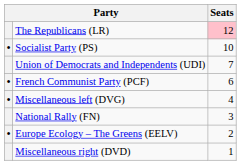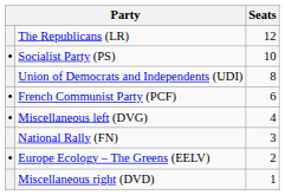 <table class="wikitable" style="font-size: 95%;">
 <tr>
 <th colspan=2>Party</th>
 <th>Seats</th>
 </tr>
 <tr>
 <th style="background-color: "></th>
 <td><a href='#'>The Republicans</a> (LR)</td>
-<td align="right" style="background: pink;">12</td>
+<td align="right">12</td>
 </tr>
 <tr>
 <th style="background-color: "><span>•</span></th>
 <td><a href='#'>Socialist Party</a> (PS)</td>
 <td align="right">10</td>
 </tr>
 <tr>
 <th style="background-color: "></th>
 <td><a href='#'>Union of Democrats and Independents</a> (UDI)</td>
-<td align="right">7</td>
+<td align="right">8</td>
 </tr>
 <tr>
 <th style="background-color: "><span>•</span></th>
 <td><a href='#'>French Communist Party</a> (PCF)</td>
 <td align="right">6</td>
 </tr>
 <tr>
 <th style="background-color: "><span>•</span></th>
 <td><a href='#'>Miscellaneous left</a> (DVG)</td>
 <td align="right">4</td>
 </tr>
 <tr>
 <th style="background-color: "></th>
 <td><a href='#'>National Rally</a> (FN)</td>
 <td align="right">3</td>
 </tr>
 <tr>
 <th style="background-color: "><span>•</span></th>
 <td><a href='#'>Europe Ecology – The Greens</a> (EELV)</td>
 <td align="right">2</td>
 </tr>
 <tr>
 <th style="background-color: "></th>
 <td><a href='#'>Miscellaneous right</a> (DVD)</td>
 <td align="right">1</td>
 </tr>
 </table>
